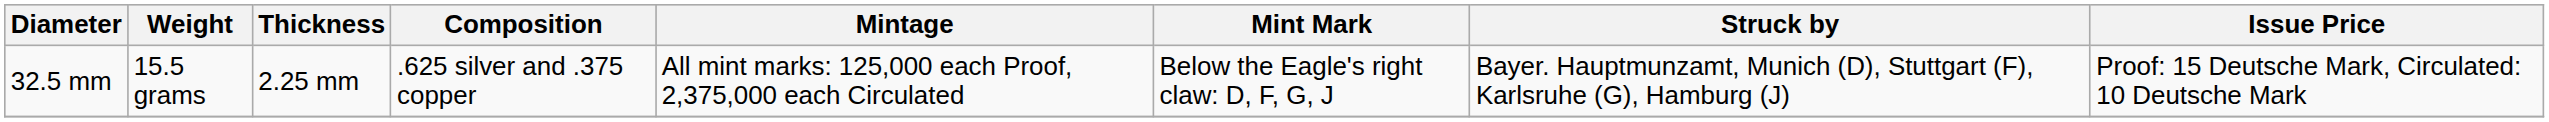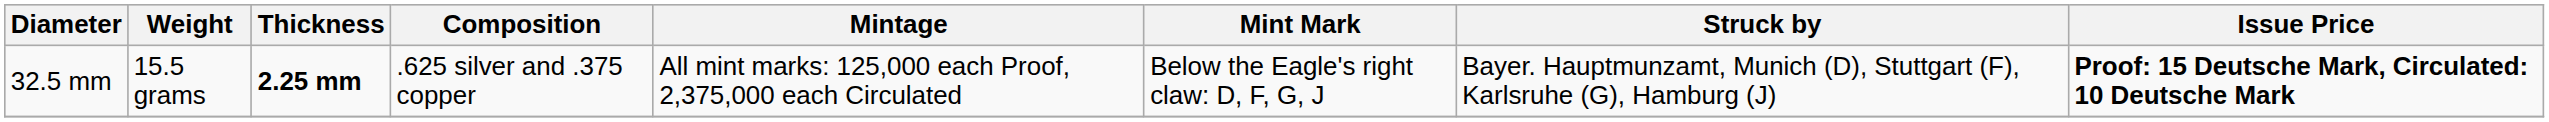 <table class="wikitable">
 <tr>
 <th>Diameter</th>
 <th>Weight</th>
 <th>Thickness</th>
 <th>Composition</th>
 <th>Mintage</th>
 <th>Mint Mark</th>
 <th>Struck by</th>
 <th>Issue Price</th>
 </tr>
 <tr>
 <td>32.5 mm</td>
 <td>15.5 grams</td>
-<td>2.25 mm</td>
+<td><strong>2.25 mm</strong></td>
 <td>.625 silver and .375 copper</td>
 <td>All mint marks: 125,000 each Proof, 2,375,000 each Circulated</td>
 <td>Below the Eagle's right claw: D, F, G, J</td>
 <td>Bayer. Hauptmunzamt, Munich (D), Stuttgart (F), Karlsruhe (G), Hamburg (J)</td>
-<td>Proof: 15 Deutsche Mark, Circulated: 10 Deutsche Mark</td>
+<td><strong>Proof: 15 Deutsche Mark, Circulated: 10 Deutsche Mark</strong></td>
 </tr>
 <tr>
 </tr>
 </table>
